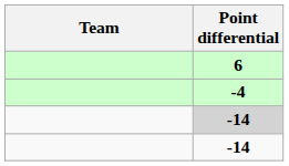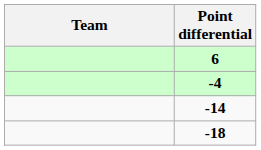 <table class="wikitable" style="text-align:center;">
 <tr>
 <th style="width:10.5em;">Team</th>
 <th style="width:1.5em;">Point differential</th>
 </tr>
 <tr bgcolor=#cfc>
 <td align="left"></td>
 <td><strong>6</strong></td>
 </tr>
 <tr bgcolor="#cfc">
 <td align="left"></td>
 <td><strong>-4</strong></td>
 </tr>
 <tr>
 <td align="left"></td>
-<td style="background: lightgrey;"><strong>-14</strong></td>
+<td><strong>-14</strong></td>
 </tr>
 <tr>
 <td align="left"></td>
-<td><strong>-14</strong></td>
+<td><strong>-18</strong></td>
 </tr>
 </table>
